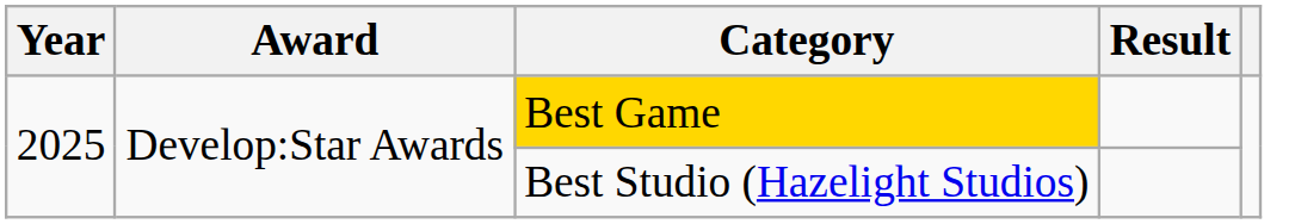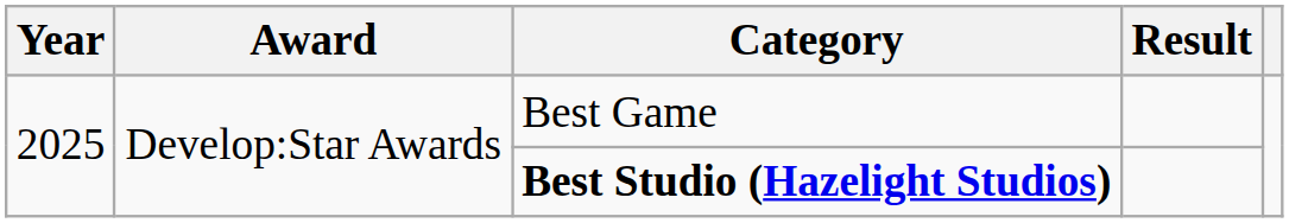 <table class="wikitable sortable mw-collapsible">
 <tr>
 <th scope="col">Year</th>
 <th scope="col">Award</th>
 <th scope="col">Category</th>
 <th scope="col">Result</th>
 <th scope="col" class="unsortable"></th>
 </tr>
 <tr>
 <td scope="row" rowspan="2">2025</td>
 <td rowspan="2">Develop:Star Awards</td>
-<td style="background: gold;">Best Game</td>
+<td>Best Game</td>
 <td></td>
 <td align="center" rowspan="5"></td>
 </tr>
 <tr>
-<td>Best Studio (<a href='#'>Hazelight Studios</a>)</td>
+<td><strong>Best Studio (<a href='#'>Hazelight Studios</a>)</strong></td>
 <td></td>
 </tr>
 </table>
